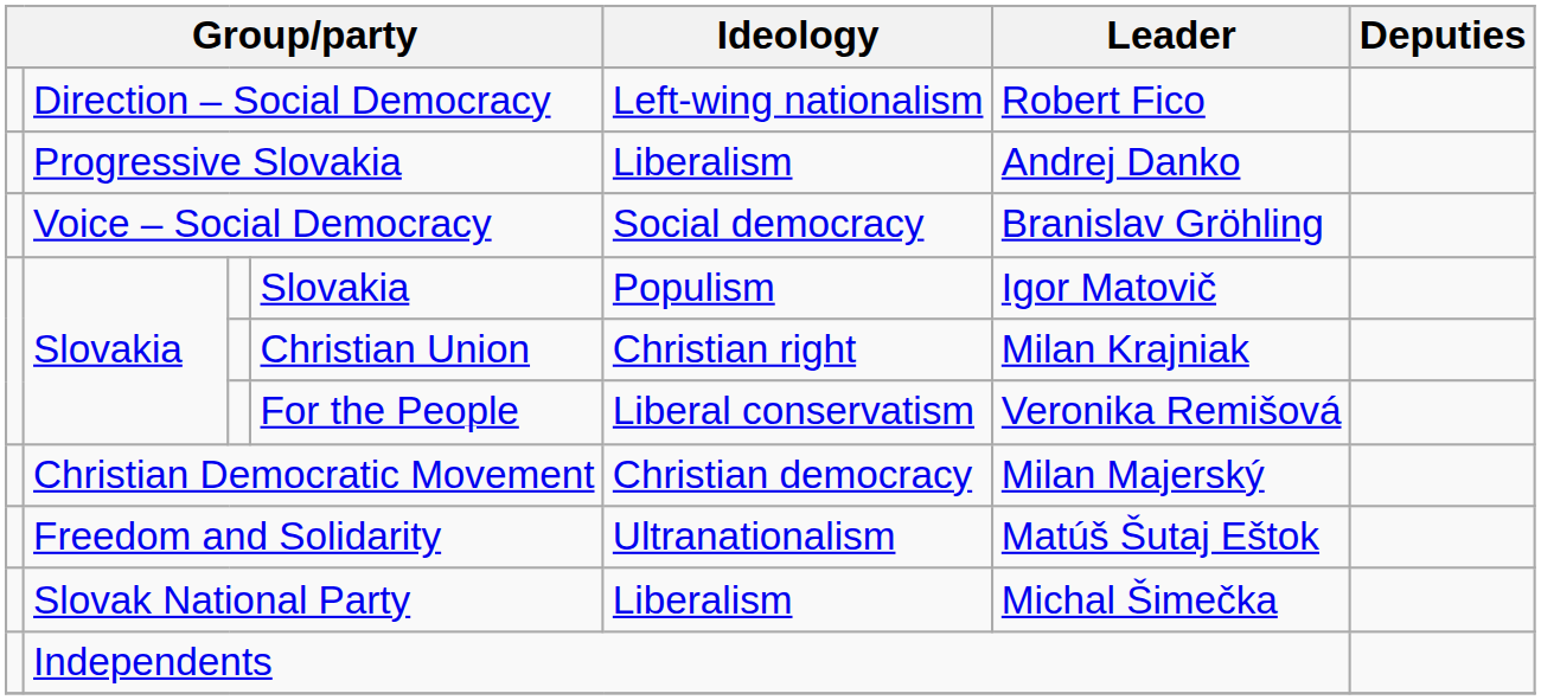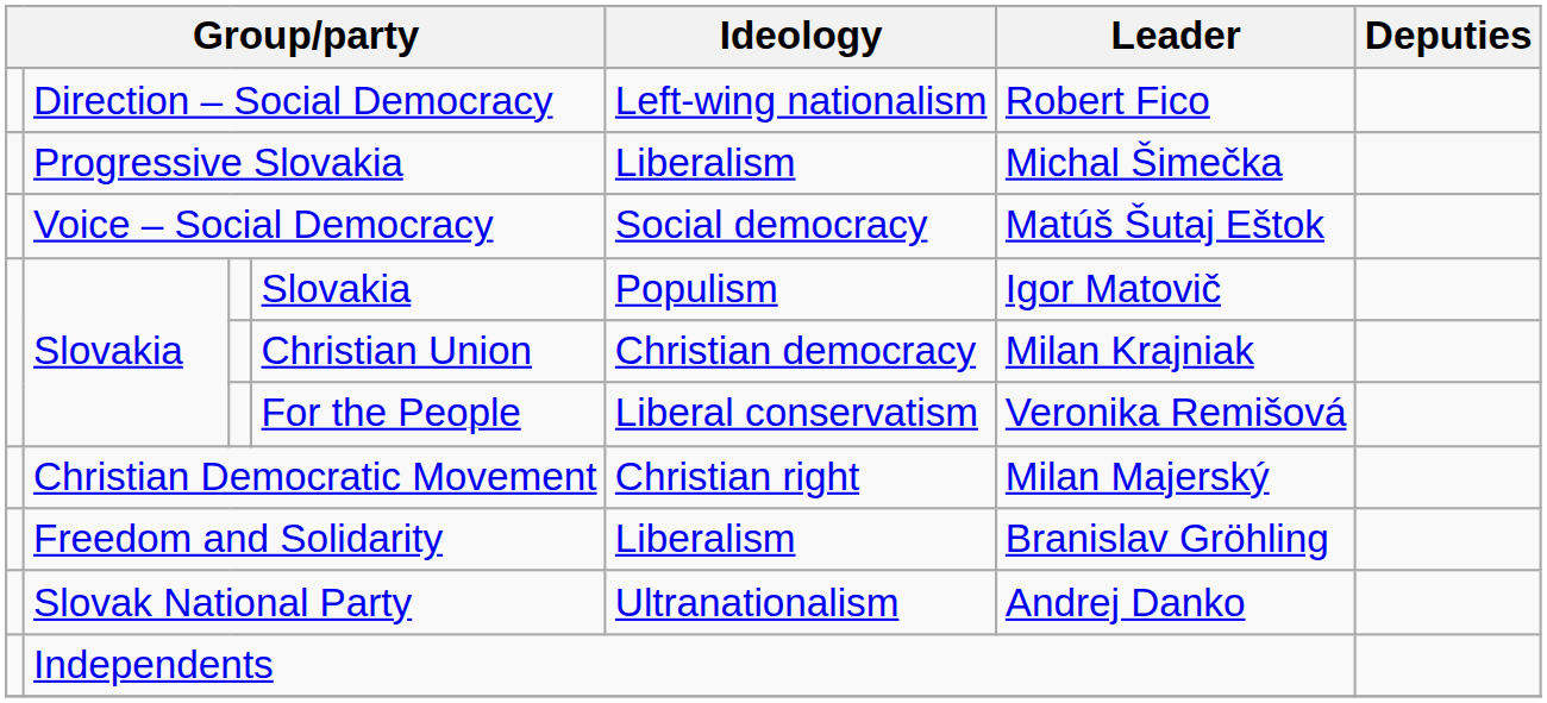 <table class="wikitable" style="text-align:left">
 <tr>
 <th colspan="4">Group/party</th>
 <th>Ideology</th>
 <th>Leader</th>
 <th>Deputies</th>
 </tr>
 <tr>
 <td style="background:"></td>
 <td colspan="3"><a href='#'>Direction – Social Democracy</a><br></td>
 <td><a href='#'>Left-wing nationalism</a></td>
 <td><a href='#'>Robert Fico</a></td>
 <td></td>
 </tr>
 <tr>
 <td style="background:"></td>
 <td colspan="3"><a href='#'>Progressive Slovakia</a><br></td>
 <td><a href='#'>Liberalism</a></td>
-<td><a href='#'>Andrej Danko</a></td>
+<td><a href='#'>Michal Šimečka</a></td>
 <td></td>
 </tr>
 <tr>
 <td style="background:"></td>
 <td colspan="3"><a href='#'>Voice – Social Democracy</a><br></td>
 <td><a href='#'>Social democracy</a></td>
-<td><a href='#'>Branislav Gröhling</a></td>
+<td><a href='#'>Matúš Šutaj Eštok</a></td>
 <td></td>
 </tr>
 <tr>
 <td rowspan="3" style="background:"></td>
 <td rowspan="3"><a href='#'>Slovakia</a><br></td>
 <td style="background:"></td>
 <td><a href='#'>Slovakia</a><br></td>
 <td><a href='#'>Populism</a></td>
 <td><a href='#'>Igor Matovič</a></td>
 <td></td>
 </tr>
 <tr>
 <td style="background:"></td>
 <td><a href='#'>Christian Union</a><br></td>
-<td><a href='#'>Christian right</a></td>
+<td><a href='#'>Christian democracy</a></td>
 <td><a href='#'>Milan Krajniak</a></td>
 <td></td>
 </tr>
 <tr>
 <td style="background:"></td>
 <td><a href='#'>For the People</a><br></td>
 <td><a href='#'>Liberal conservatism</a></td>
 <td><a href='#'>Veronika Remišová</a></td>
 <td></td>
 </tr>
 <tr>
 <td style="background:"></td>
 <td colspan="3"><a href='#'>Christian Democratic Movement</a><br></td>
-<td><a href='#'>Christian democracy</a></td>
+<td><a href='#'>Christian right</a></td>
 <td><a href='#'>Milan Majerský</a></td>
 <td></td>
 </tr>
 <tr>
 <td style="background:"></td>
 <td colspan="3"><a href='#'>Freedom and Solidarity</a><br></td>
-<td><a href='#'>Ultranationalism</a></td>
-<td><a href='#'>Matúš Šutaj Eštok</a></td>
+<td><a href='#'>Liberalism</a></td>
+<td><a href='#'>Branislav Gröhling</a></td>
 <td></td>
 </tr>
 <tr>
 <td style="background:"></td>
 <td colspan="3"><a href='#'>Slovak National Party</a><br></td>
-<td><a href='#'>Liberalism</a></td>
-<td><a href='#'>Michal Šimečka</a></td>
+<td><a href='#'>Ultranationalism</a></td>
+<td><a href='#'>Andrej Danko</a></td>
 <td></td>
 </tr>
 <tr>
 <td style="background:"></td>
 <td colspan="5"><a href='#'>Independents</a></td>
 <td></td>
 </tr>
 <tr>
 </tr>
 </table>
